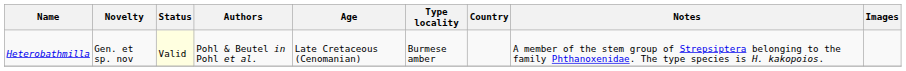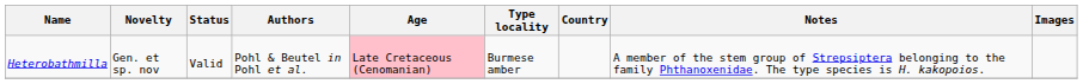 <table class="wikitable sortable" align="center" width="100%">
 <tr>
 <th>Name</th>
 <th>Novelty</th>
 <th>Status</th>
 <th>Authors</th>
 <th>Age</th>
 <th>Type locality</th>
 <th>Country</th>
 <th>Notes</th>
 <th>Images</th>
 </tr>
 <tr>
 <td><br><em><a href='#'>Heterobathmilla</a></em></td>
 <td><br>Gen. et sp. nov</td>
-<td style="background: lightyellow;"><br>Valid</td>
+<td><br>Valid</td>
 <td><br>Pohl & Beutel <em>in</em> Pohl <em>et al.</em></td>
-<td><br>Late Cretaceous (Cenomanian)</td>
+<td style="background: pink;"><br>Late Cretaceous (Cenomanian)</td>
 <td><br>Burmese amber</td>
 <td><br></td>
 <td><br>A member of the stem group of <a href='#'>Strepsiptera</a> belonging to the family <a href='#'>Phthanoxenidae</a>. The type species is <em>H. kakopoios</em>.</td>
 <td></td>
 </tr>
 <tr>
 </tr>
 </table>
